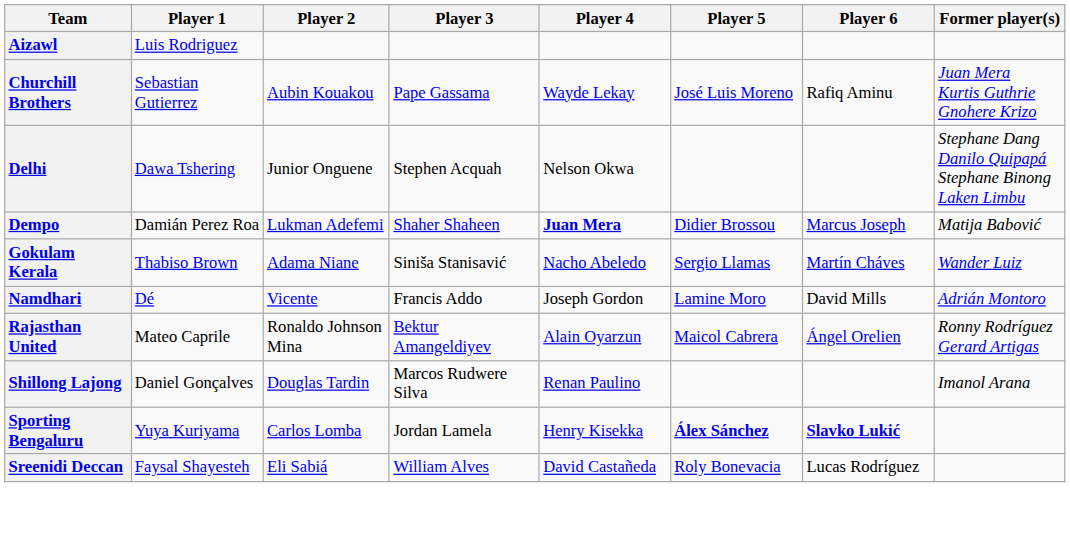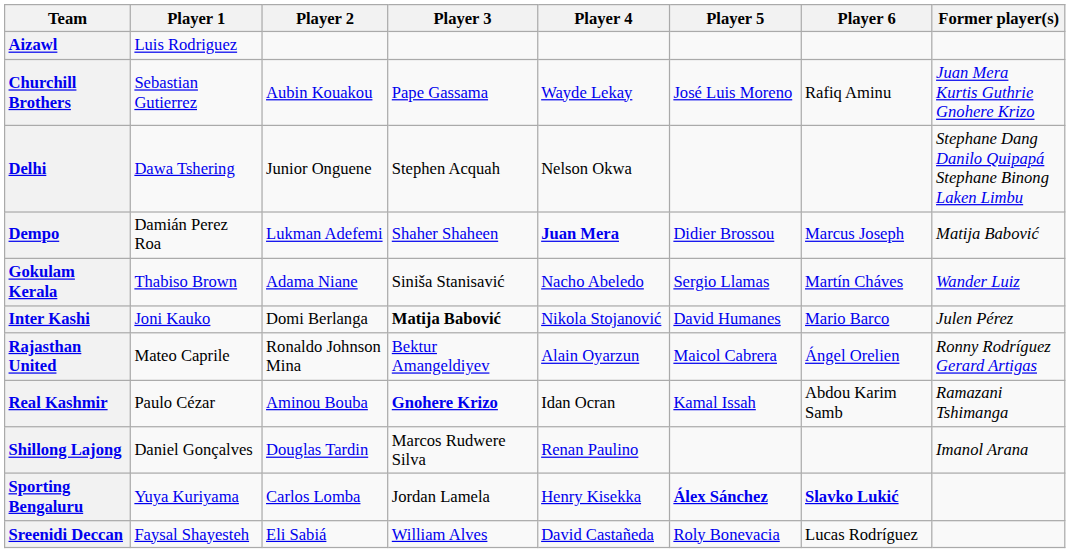 <table class="wikitable" style="text-align: left; font-size:85%">
 <tr>
 <th scope=col style="width:160px;">Team</th>
 <th scope=col style="width:180px;">Player 1</th>
 <th scope=col style="width:180px;">Player 2</th>
 <th scope=col style="width:180px;">Player 3</th>
 <th scope=col style="width:180px;">Player 4</th>
 <th scope=col style="width:180px;">Player 5</th>
 <th scope=col style="width:180px;">Player 6</th>
 <th scope=col style="width:180px;">Former player(s)</th>
 </tr>
 <tr>
 <th scope=row style="text-align: left;"><a href='#'>Aizawl</a></th>
 <td> <a href='#'>Luis Rodriguez</a></td>
 <td></td>
 <td></td>
 <td></td>
 <td></td>
 <td></td>
 <td></td>
 </tr>
 <tr>
 <th scope=row style="text-align: left;"><a href='#'>Churchill Brothers</a></th>
 <td> <a href='#'>Sebastian Gutierrez</a></td>
 <td> <a href='#'>Aubin Kouakou</a></td>
 <td> <a href='#'>Pape Gassama</a></td>
 <td> <a href='#'>Wayde Lekay</a></td>
 <td> <a href='#'>José Luis Moreno</a></td>
 <td> Rafiq Aminu</td>
 <td><em> <a href='#'>Juan Mera</a></em><br><em> <a href='#'>Kurtis Guthrie</a></em><br><em> <a href='#'>Gnohere Krizo</a></em></td>
 </tr>
 <tr>
 <th scope=row style="text-align: left;"><a href='#'>Delhi</a></th>
 <td> <a href='#'>Dawa Tshering</a></td>
 <td> Junior Onguene</td>
 <td> Stephen Acquah</td>
 <td> Nelson Okwa</td>
 <td></td>
 <td></td>
 <td><em> Stephane Dang</em><br><em> <a href='#'>Danilo Quipapá</a></em><br><em> Stephane Binong</em><br><em> <a href='#'>Laken Limbu</a></em></td>
 </tr>
 <tr>
 <th scope=row style="text-align: left;"><a href='#'>Dempo</a></th>
 <td> Damián Perez Roa</td>
 <td> <a href='#'>Lukman Adefemi</a></td>
 <td> <a href='#'>Shaher Shaheen</a></td>
 <td><strong> <a href='#'>Juan Mera</a></strong></td>
 <td> <a href='#'>Didier Brossou</a></td>
 <td> <a href='#'>Marcus Joseph</a></td>
 <td><em> Matija Babović</em></td>
 </tr>
 <tr>
 <th scope=row style="text-align: left;"><a href='#'>Gokulam Kerala</a></th>
 <td> <a href='#'>Thabiso Brown</a></td>
 <td> <a href='#'>Adama Niane</a></td>
 <td> Siniša Stanisavić</td>
 <td> <a href='#'>Nacho Abeledo</a></td>
 <td> <a href='#'>Sergio Llamas</a></td>
 <td> <a href='#'>Martín Cháves</a></td>
 <td><em> <a href='#'>Wander Luiz</a></em></td>
 </tr>
 <tr>
-<th scope="row" style="text-align: left;"><a href='#'>Namdhari</a></th>
-<td> <a href='#'>Dé</a></td>
-<td> <a href='#'>Vicente</a></td>
-<td> Francis Addo</td>
-<td> Joseph Gordon</td>
-<td> <a href='#'>Lamine Moro</a></td>
-<td> David Mills</td>
-<td><em> <a href='#'>Adrián Montoro</a></em></td>
+<th scope=row style="text-align: left;"><a href='#'>Inter Kashi</a></th>
+<td> <a href='#'>Joni Kauko</a></td>
+<td> Domi Berlanga</td>
+<td><strong> Matija Babović</strong></td>
+<td> <a href='#'>Nikola Stojanović</a></td>
+<td> <a href='#'>David Humanes</a></td>
+<td> <a href='#'>Mario Barco</a></td>
+<td><em> Julen Pérez</em></td>
 </tr>
 <tr>
 <th scope=row style="text-align: left;"><a href='#'>Rajasthan United</a></th>
 <td> Mateo Caprile</td>
 <td> Ronaldo Johnson Mina</td>
 <td> <a href='#'>Bektur Amangeldiyev</a></td>
 <td> <a href='#'>Alain Oyarzun</a></td>
 <td> <a href='#'>Maicol Cabrera</a></td>
 <td> <a href='#'>Ángel Orelien</a></td>
 <td><em> Ronny Rodríguez</em><br><em> <a href='#'>Gerard Artigas</a></em></td>
+</tr>
+<tr>
+<th scope=row style="text-align: left;"><a href='#'>Real Kashmir</a></th>
+<td> Paulo Cézar</td>
+<td> <a href='#'>Aminou Bouba</a></td>
+<td><strong> <a href='#'>Gnohere Krizo</a></strong></td>
+<td> Idan Ocran</td>
+<td> <a href='#'>Kamal Issah</a></td>
+<td> Abdou Karim Samb</td>
+<td><em> Ramazani Tshimanga</em></td>
 </tr>
 <tr>
 <th scope=row style="text-align: left;"><a href='#'>Shillong Lajong</a></th>
 <td> Daniel Gonçalves</td>
 <td> <a href='#'>Douglas Tardin</a></td>
 <td> Marcos Rudwere Silva</td>
 <td> <a href='#'>Renan Paulino</a></td>
 <td></td>
 <td></td>
 <td><em> Imanol Arana</em></td>
 </tr>
 <tr>
 <th scope=row style="text-align: left;"><a href='#'>Sporting Bengaluru</a></th>
 <td> <a href='#'>Yuya Kuriyama</a></td>
 <td> <a href='#'>Carlos Lomba</a></td>
 <td> Jordan Lamela</td>
 <td> <a href='#'>Henry Kisekka</a></td>
 <td><strong> <a href='#'>Álex Sánchez</a></strong></td>
 <td><strong> <a href='#'>Slavko Lukić</a></strong></td>
 <td></td>
 </tr>
 <tr>
 <th scope=row style="text-align: left;"><a href='#'>Sreenidi Deccan</a></th>
 <td> <a href='#'>Faysal Shayesteh</a></td>
 <td> <a href='#'>Eli Sabiá</a></td>
 <td> <a href='#'>William Alves</a></td>
 <td> <a href='#'>David Castañeda</a></td>
 <td> <a href='#'>Roly Bonevacia</a></td>
 <td> Lucas Rodríguez</td>
 <td></td>
 </tr>
 </table>
